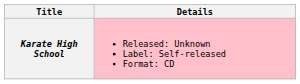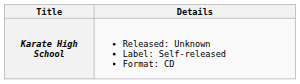 <table class="wikitable plainrowheaders">
 <tr>
 <th scope="col" style="width:10em;">Title</th>
 <th scope="col" style="width:23em;">Details</th>
 </tr>
 <tr>
 <th><em>Karate High School</em></th>
-<td style="background: pink;"><br><ul><li>Released: Unknown</li><li>Label: Self-released</li><li>Format: CD</li></ul></td>
+<td><br><ul><li>Released: Unknown</li><li>Label: Self-released</li><li>Format: CD</li></ul></td>
 </tr>
 </table>
